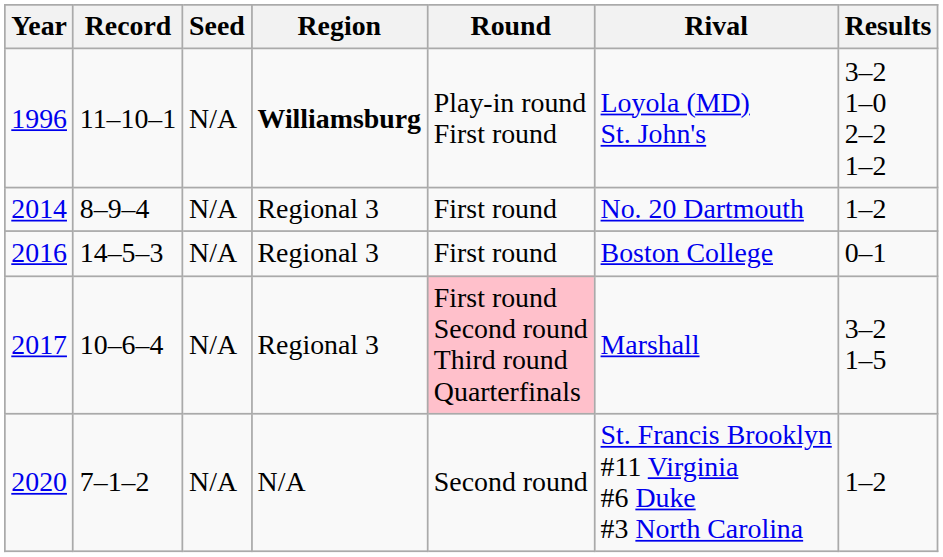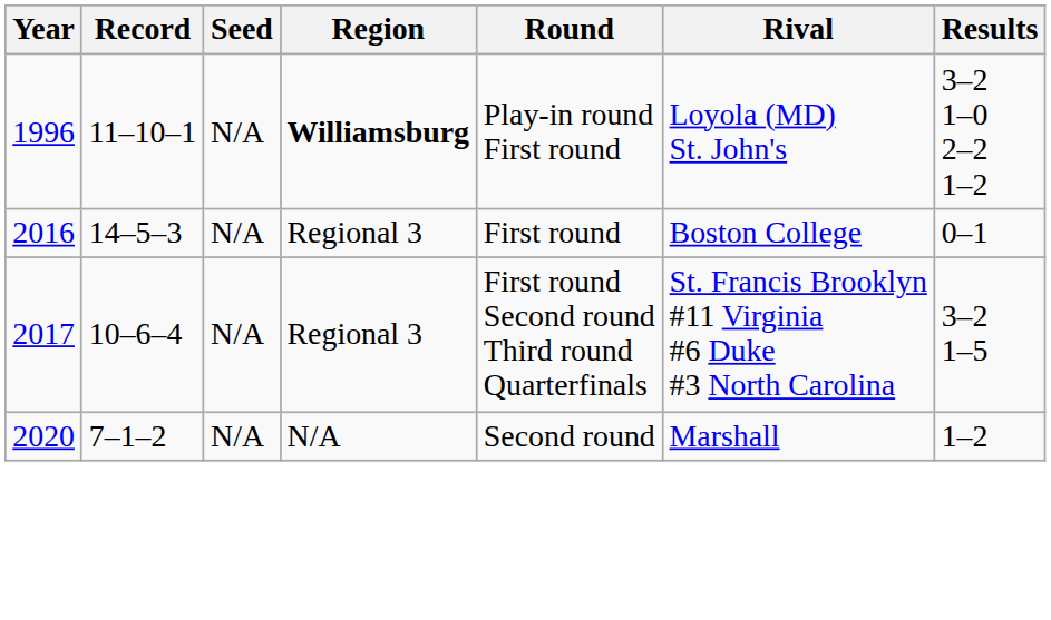 <table class="wikitable">
 <tr>
 <th width=px>Year</th>
 <th width=px>Record</th>
 <th width=px>Seed</th>
 <th width=px>Region</th>
 <th width=px>Round</th>
 <th width=px>Rival</th>
 <th width=px>Results</th>
 </tr>
 <tr>
 <td><a href='#'>1996</a></td>
 <td>11–10–1</td>
 <td>N/A</td>
 <td><strong>Williamsburg</strong></td>
 <td>Play-in round <br> First round</td>
 <td><a href='#'>Loyola (MD)</a> <br> <a href='#'>St. John's</a></td>
 <td>3–2 <br> 1–0 <br> 2–2 <br> 1–2</td>
 </tr>
 <tr>
-<td><a href='#'>2014</a></td>
-<td>8–9–4</td>
-<td>N/A</td>
-<td>Regional 3</td>
-<td>First round</td>
-<td><a href='#'>No. 20 Dartmouth</a></td>
-<td>1–2</td>
-</tr>
-<tr>
 <td><a href='#'>2016</a></td>
 <td>14–5–3</td>
 <td>N/A</td>
 <td>Regional 3</td>
 <td>First round</td>
 <td><a href='#'>Boston College</a></td>
 <td>0–1</td>
 </tr>
 <tr>
 <td><a href='#'>2017</a></td>
 <td>10–6–4</td>
 <td>N/A</td>
 <td>Regional 3</td>
-<td style="background: pink;">First round<br>Second round<br>Third round<br>Quarterfinals</td>
-<td><a href='#'>Marshall</a></td>
+<td>First round<br>Second round<br>Third round<br>Quarterfinals</td>
+<td><a href='#'>St. Francis Brooklyn</a><br>#11 <a href='#'>Virginia</a><br>#6 <a href='#'>Duke</a><br>#3 <a href='#'>North Carolina</a></td>
 <td>3–2 <br> 1–5</td>
 </tr>
 <tr>
 <td><a href='#'>2020</a></td>
 <td>7–1–2</td>
 <td>N/A</td>
 <td>N/A</td>
 <td>Second round</td>
-<td><a href='#'>St. Francis Brooklyn</a><br>#11 <a href='#'>Virginia</a><br>#6 <a href='#'>Duke</a><br>#3 <a href='#'>North Carolina</a></td>
+<td><a href='#'>Marshall</a></td>
 <td>1–2 </td>
 </tr>
 </table>
